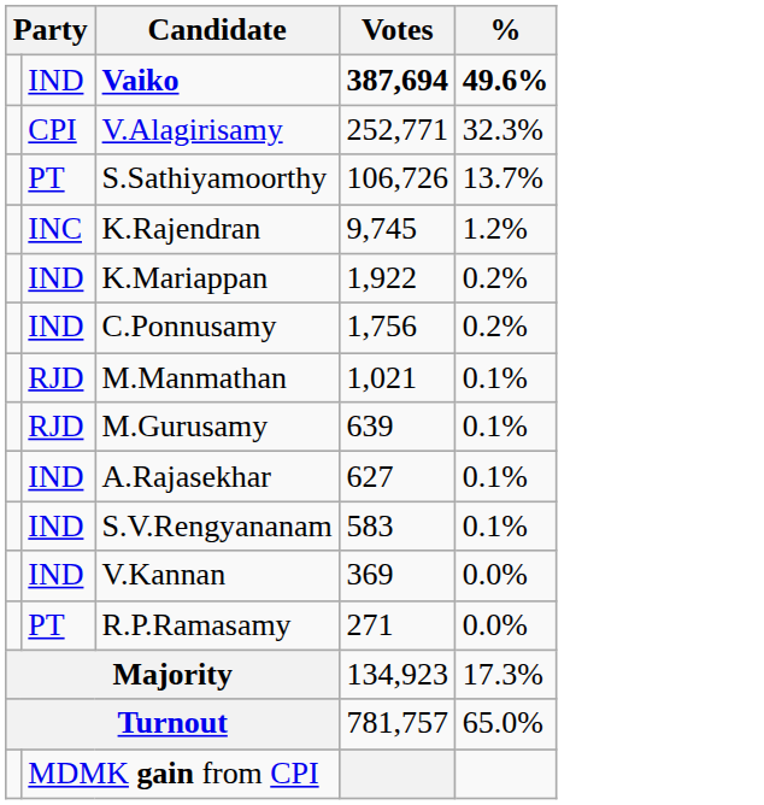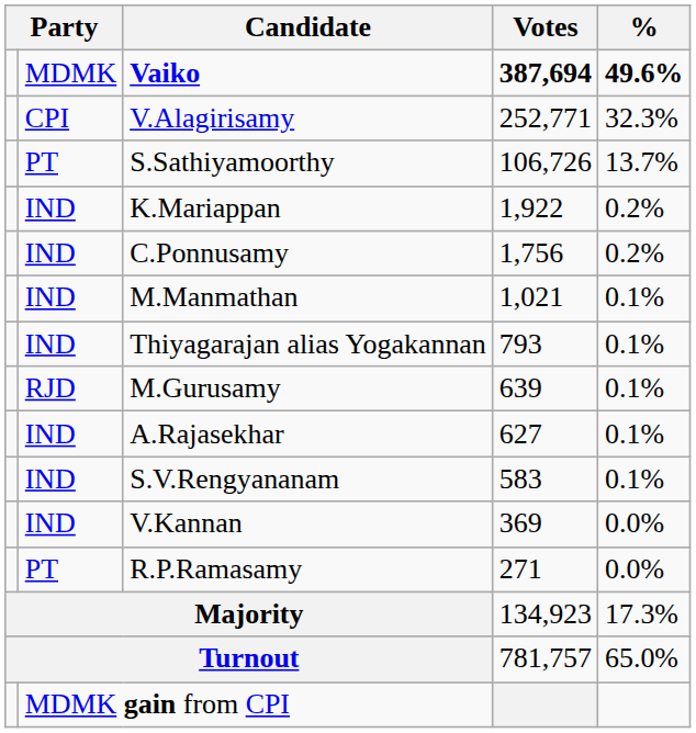 <table class="wikitable">
 <tr>
 <th colspan="2">Party</th>
 <th>Candidate</th>
 <th>Votes</th>
 <th>%</th>
 </tr>
 <tr>
 <td></td>
-<td><a href='#'>IND</a></td>
+<td><a href='#'>MDMK</a></td>
 <td><strong><a href='#'>Vaiko</a></strong></td>
 <td><strong>387,694</strong></td>
 <td><strong>49.6%</strong></td>
 </tr>
 <tr>
 <td></td>
 <td><a href='#'>CPI</a></td>
 <td><a href='#'>V.Alagirisamy</a></td>
 <td>252,771</td>
 <td>32.3%</td>
 </tr>
 <tr>
 <td></td>
 <td><a href='#'>PT</a></td>
 <td>S.Sathiyamoorthy</td>
 <td>106,726</td>
 <td>13.7%</td>
 </tr>
 <tr>
 <td></td>
-<td><a href='#'>INC</a></td>
-<td>K.Rajendran</td>
-<td>9,745</td>
-<td>1.2%</td>
-</tr>
-<tr>
-<td></td>
 <td><a href='#'>IND</a></td>
 <td>K.Mariappan</td>
 <td>1,922</td>
 <td>0.2%</td>
 </tr>
 <tr>
 <td></td>
 <td><a href='#'>IND</a></td>
 <td>C.Ponnusamy</td>
 <td>1,756</td>
 <td>0.2%</td>
 </tr>
 <tr>
 <td></td>
-<td><a href='#'>RJD</a></td>
+<td><a href='#'>IND</a></td>
 <td>M.Manmathan</td>
 <td>1,021</td>
+<td>0.1%</td>
+</tr>
+<tr>
+<td></td>
+<td><a href='#'>IND</a></td>
+<td>Thiyagarajan alias Yogakannan</td>
+<td>793</td>
 <td>0.1%</td>
 </tr>
 <tr>
 <td></td>
 <td><a href='#'>RJD</a></td>
 <td>M.Gurusamy</td>
 <td>639</td>
 <td>0.1%</td>
 </tr>
 <tr>
 <td></td>
 <td><a href='#'>IND</a></td>
 <td>A.Rajasekhar</td>
 <td>627</td>
 <td>0.1%</td>
 </tr>
 <tr>
 <td></td>
 <td><a href='#'>IND</a></td>
 <td>S.V.Rengyananam</td>
 <td>583</td>
 <td>0.1%</td>
 </tr>
 <tr>
 <td></td>
 <td><a href='#'>IND</a></td>
 <td>V.Kannan</td>
 <td>369</td>
 <td>0.0%</td>
 </tr>
 <tr>
 <td></td>
 <td><a href='#'>PT</a></td>
 <td>R.P.Ramasamy</td>
 <td>271</td>
 <td>0.0%</td>
 </tr>
 <tr>
 <th colspan="3">Majority</th>
 <td>134,923</td>
 <td>17.3%</td>
 </tr>
 <tr>
 <th colspan="3"><a href='#'>Turnout</a></th>
 <td>781,757</td>
 <td>65.0%</td>
 </tr>
 <tr>
 <td></td>
 <td colspan="2"><a href='#'>MDMK</a> <strong>gain</strong> from <a href='#'>CPI</a></td>
 <th></th>
 <td></td>
 </tr>
 </table>
